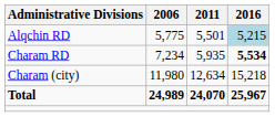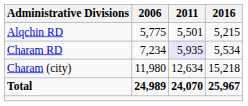 <table class="wikitable">
 <tr>
 <th>Administrative Divisions</th>
 <th>2006</th>
 <th>2011</th>
 <th>2016</th>
 </tr>
 <tr>
 <td><a href='#'>Alqchin RD</a></td>
 <td style="text-align: right;">5,775</td>
 <td style="text-align: right;">5,501</td>
-<td style="background: lightblue; text-align: right;">5,215</td>
+<td style="text-align: right;">5,215</td>
 </tr>
 <tr>
 <td><a href='#'>Charam RD</a></td>
 <td style="text-align: right;">7,234</td>
-<td style="text-align: right;">5,935</td>
-<td style="text-align: right;"><strong>5,534</strong></td>
+<td style="background: lavender; text-align: right;">5,935</td>
+<td style="text-align: right;">5,534</td>
 </tr>
 <tr>
 <td><a href='#'>Charam</a> (city)</td>
 <td style="text-align: right;">11,980</td>
 <td style="text-align: right;">12,634</td>
 <td style="text-align: right;">15,218</td>
 </tr>
 <tr>
 <td><strong>Total</strong></td>
 <td style="text-align: right;"><strong>24,989</strong></td>
 <td style="text-align: right;"><strong>24,070</strong></td>
 <td style="text-align: right;"><strong>25,967</strong></td>
 </tr>
 <tr>
 <td colspan=4></td>
 </tr>
 </table>
